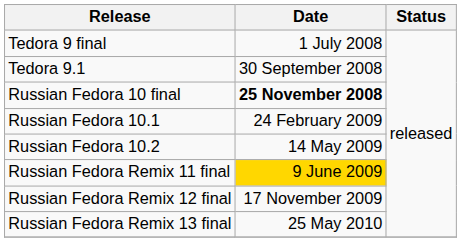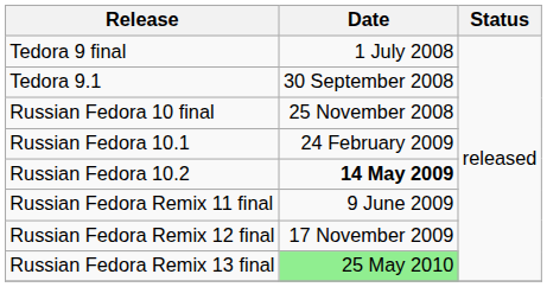 <table class="wikitable">
 <tr>
 <th>Release</th>
 <th>Date</th>
 <th>Status</th>
 </tr>
 <tr>
 <td>Tedora 9 final</td>
 <td align="right">1 July 2008</td>
 <td rowspan="8">released</td>
 </tr>
 <tr>
 <td>Tedora 9.1</td>
 <td align="right">30 September 2008</td>
 </tr>
 <tr>
 <td>Russian Fedora 10 final</td>
-<td align="right"><strong>25 November 2008</strong></td>
+<td align="right">25 November 2008</td>
 </tr>
 <tr>
 <td>Russian Fedora 10.1</td>
 <td align="right">24 February 2009</td>
 </tr>
 <tr>
 <td>Russian Fedora 10.2</td>
-<td align="right">14 May 2009</td>
+<td align="right"><strong>14 May 2009</strong></td>
 </tr>
 <tr>
 <td>Russian Fedora Remix 11 final</td>
-<td align="right" style="background: gold;">9 June 2009</td>
+<td align="right">9 June 2009</td>
 </tr>
 <tr>
 <td>Russian Fedora Remix 12 final</td>
 <td align="right">17 November 2009</td>
 </tr>
 <tr>
 <td>Russian Fedora Remix 13 final</td>
-<td align="right">25 May 2010</td>
+<td align="right" style="background: lightgreen;">25 May 2010</td>
 </tr>
 <tr>
 </tr>
 </table>
